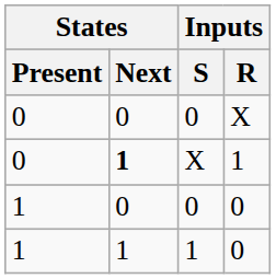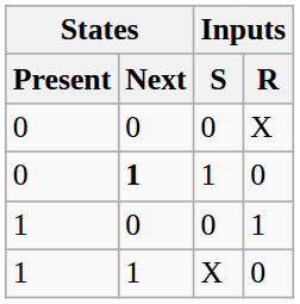 <table class="wikitable" border="1">
 <tr>
 <th colspan="2">States</th>
 <th colspan="2">Inputs</th>
 </tr>
 <tr>
 <th>Present</th>
 <th>Next</th>
 <th>S</th>
 <th>R</th>
 </tr>
 <tr>
 <td>0</td>
 <td>0</td>
 <td>0</td>
 <td>X</td>
 </tr>
 <tr>
 <td>0</td>
 <td><strong>1</strong></td>
-<td>X</td>
 <td>1</td>
+<td>0</td>
 </tr>
 <tr>
 <td>1</td>
 <td>0</td>
 <td>0</td>
-<td>0</td>
+<td>1</td>
 </tr>
 <tr>
 <td>1</td>
 <td>1</td>
-<td>1</td>
+<td>X</td>
 <td>0</td>
 </tr>
 </table>
